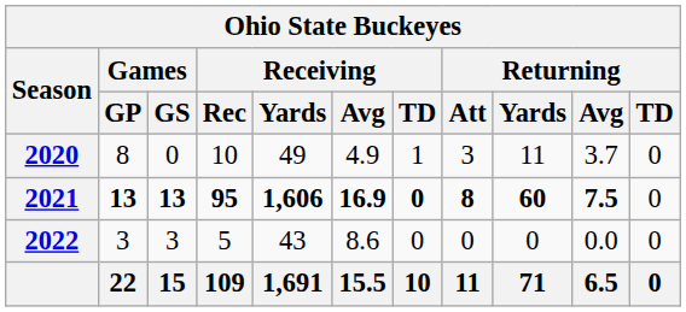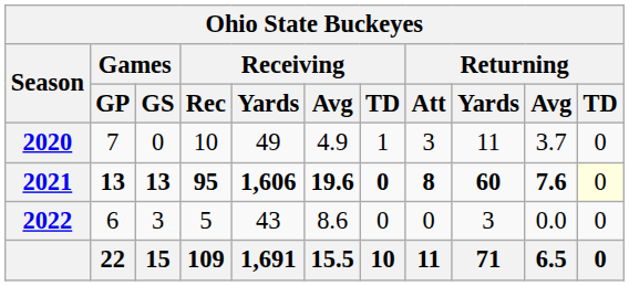 <table class="wikitable" style="text-align:center;">
 <tr>
 <th colspan="16">Ohio State Buckeyes</th>
 </tr>
 <tr>
 <th rowspan="2">Season</th>
 <th colspan="2">Games</th>
 <th colspan="4">Receiving</th>
 <th colspan="4">Returning</th>
 </tr>
 <tr>
 <th>GP</th>
 <th>GS</th>
 <th>Rec</th>
 <th>Yards</th>
 <th>Avg</th>
 <th>TD</th>
 <th>Att</th>
 <th>Yards</th>
 <th>Avg</th>
 <th>TD</th>
 </tr>
 <tr>
 <th><a href='#'>2020</a></th>
-<td>8</td>
+<td>7</td>
 <td>0</td>
 <td>10</td>
 <td>49</td>
 <td>4.9</td>
 <td>1</td>
 <td>3</td>
 <td>11</td>
 <td>3.7</td>
 <td>0</td>
 </tr>
 <tr>
 <th><a href='#'>2021</a></th>
 <td><strong>13</strong></td>
 <td><strong>13</strong></td>
 <td><strong>95</strong></td>
 <td><strong>1,606</strong></td>
-<td><strong>16.9</strong></td>
+<td><strong>19.6</strong></td>
 <td><strong>0</strong></td>
 <td><strong>8</strong></td>
 <td><strong>60</strong></td>
-<td><strong>7.5</strong></td>
-<td>0</td>
+<td><strong>7.6</strong></td>
+<td style="background: lightyellow;">0</td>
 </tr>
 <tr>
 <th><a href='#'>2022</a></th>
-<td>3</td>
+<td>6</td>
 <td>3</td>
 <td>5</td>
 <td>43</td>
 <td>8.6</td>
 <td>0</td>
 <td>0</td>
-<td>0</td>
+<td>3</td>
 <td>0.0</td>
 <td>0</td>
 </tr>
 <tr>
 <th></th>
 <th>22</th>
 <th>15</th>
 <th>109</th>
 <th>1,691</th>
 <th>15.5</th>
 <th>10</th>
 <th>11</th>
 <th>71</th>
 <th>6.5</th>
 <th>0</th>
 </tr>
 </table>
